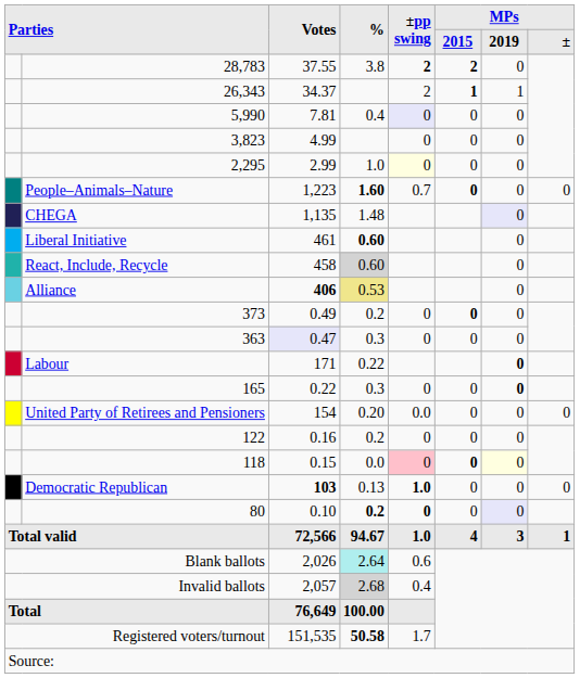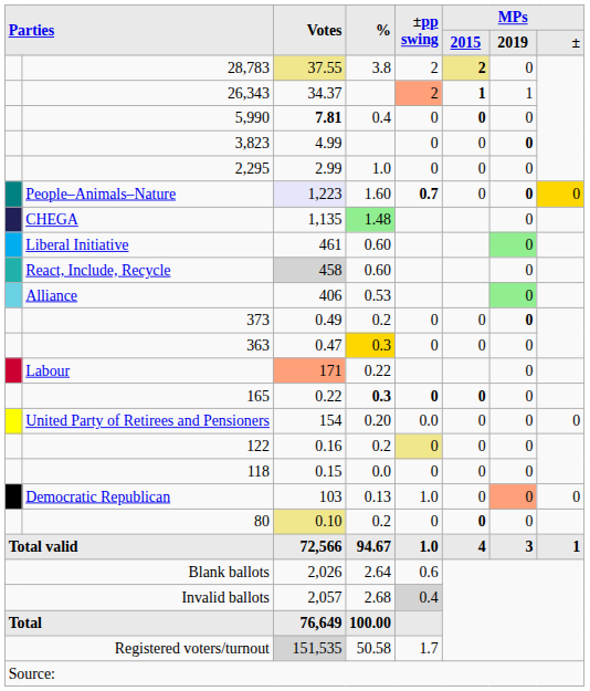 <table class="wikitable" style="text-align:right; font-size:95%;">
 <tr>
 <th rowspan="2" colspan="2" style="background:#e9e9e9; text-align:left;" alignleft><a href='#'>Parties</a></th>
 <th rowspan="2" style="background:#e9e9e9; text-align:right;">Votes</th>
 <th rowspan="2" style="background:#e9e9e9; text-align:right;">%</th>
 <th rowspan="2" style="background:#e9e9e9; text-align:right;">±<a href='#'>pp</a> <a href='#'>swing</a></th>
 <th colspan="3" style="background:#e9e9e9; text-align:center;"><a href='#'>MPs</a></th>
 </tr>
 <tr style="background-color:#E9E9E9">
 <th style="background-color:#E9E9E9;text-align:center;"><a href='#'>2015</a></th>
 <th style="background-color:#E9E9E9;text-align:center;">2019</th>
 <th style="background:#e9e9e9; text-align:right;">±</th>
 </tr>
 <tr>
 <td></td>
 <td>28,783</td>
-<td>37.55</td>
+<td style="background: khaki;">37.55</td>
 <td>3.8</td>
-<td><strong>2</strong></td>
-<td><strong>2</strong></td>
+<td>2</td>
+<td style="background: khaki;"><strong>2</strong></td>
 <td>0</td>
 </tr>
 <tr>
 <td></td>
 <td>26,343</td>
 <td>34.37</td>
 <td></td>
-<td>2</td>
+<td style="background: lightsalmon;">2</td>
 <td><strong>1</strong></td>
 <td>1</td>
 </tr>
 <tr>
 <td></td>
 <td>5,990</td>
-<td>7.81</td>
+<td><strong>7.81</strong></td>
 <td>0.4</td>
-<td style="background: lavender;">0</td>
 <td>0</td>
+<td><strong>0</strong></td>
 <td>0</td>
 </tr>
 <tr>
 <td></td>
 <td>3,823</td>
 <td>4.99</td>
 <td></td>
 <td>0</td>
 <td>0</td>
-<td>0</td>
+<td><strong>0</strong></td>
 </tr>
 <tr>
 <td></td>
 <td>2,295</td>
 <td>2.99</td>
 <td>1.0</td>
-<td style="background: lightyellow;">0</td>
+<td>0</td>
 <td>0</td>
 <td>0</td>
 </tr>
 <tr>
 <td style="width: 10px" bgcolor="teal" align="center"></td>
 <td align="left"><a href='#'>People–Animals–Nature</a></td>
-<td>1,223</td>
-<td><strong>1.60</strong></td>
-<td>0.7</td>
+<td style="background: lavender;">1,223</td>
+<td>1.60</td>
+<td><strong>0.7</strong></td>
+<td>0</td>
 <td><strong>0</strong></td>
-<td>0</td>
-<td>0</td>
+<td style="background: gold;">0</td>
 </tr>
 <tr>
 <td style="width: 10px" bgcolor="#202056" align="center"></td>
 <td align="left"><a href='#'>CHEGA</a></td>
 <td>1,135</td>
-<td>1.48</td>
+<td style="background: lightgreen;">1.48</td>
 <td></td>
 <td></td>
-<td style="background: lavender;">0</td>
+<td>0</td>
 <td></td>
 </tr>
 <tr>
 <td style="width: 10px" bgcolor="#00ADEF" align="center"></td>
 <td align="left"><a href='#'>Liberal Initiative</a></td>
 <td>461</td>
-<td><strong>0.60</strong></td>
+<td>0.60</td>
 <td></td>
 <td></td>
-<td>0</td>
+<td style="background: lightgreen;">0</td>
 <td></td>
 </tr>
 <tr>
 <td style="width: 10px" bgcolor=LightSeaGreen align="center"></td>
 <td align=left><a href='#'>React, Include, Recycle</a></td>
-<td>458</td>
-<td style="background: lightgrey;">0.60</td>
+<td style="background: lightgrey;">458</td>
+<td>0.60</td>
 <td></td>
 <td></td>
 <td>0</td>
 <td></td>
 </tr>
 <tr>
 <td style="width: 10px" bgcolor="#6AD1E3" align="center"></td>
 <td align="left"><a href='#'>Alliance</a></td>
-<td><strong>406</strong></td>
-<td style="background: khaki;">0.53</td>
+<td>406</td>
+<td>0.53</td>
 <td></td>
 <td></td>
-<td>0</td>
+<td style="background: lightgreen;">0</td>
 <td></td>
 </tr>
 <tr>
 <td></td>
 <td>373</td>
 <td>0.49</td>
 <td>0.2</td>
 <td>0</td>
+<td>0</td>
 <td><strong>0</strong></td>
-<td>0</td>
 </tr>
 <tr>
 <td></td>
 <td>363</td>
-<td style="background: lavender;">0.47</td>
-<td>0.3</td>
+<td>0.47</td>
+<td style="background: gold;">0.3</td>
 <td>0</td>
 <td>0</td>
 <td>0</td>
 </tr>
 <tr>
 <td style="width: 10px" bgcolor=#CC0033 align="center"></td>
 <td align=left><a href='#'>Labour</a></td>
-<td>171</td>
+<td style="background: lightsalmon;">171</td>
 <td>0.22</td>
 <td></td>
 <td></td>
-<td><strong>0</strong></td>
+<td>0</td>
 <td></td>
 </tr>
 <tr>
 <td></td>
 <td>165</td>
 <td>0.22</td>
-<td>0.3</td>
+<td><strong>0.3</strong></td>
+<td><strong>0</strong></td>
+<td><strong>0</strong></td>
 <td>0</td>
-<td>0</td>
-<td><strong>0</strong></td>
 </tr>
 <tr>
 <td style="width: 10px" bgcolor=yellow align="center"></td>
 <td align=left><a href='#'>United Party of Retirees and Pensioners</a></td>
 <td>154</td>
 <td>0.20</td>
 <td>0.0</td>
 <td>0</td>
 <td>0</td>
 <td>0</td>
 </tr>
 <tr>
 <td></td>
 <td>122</td>
 <td>0.16</td>
 <td>0.2</td>
-<td>0</td>
+<td style="background: khaki;">0</td>
 <td>0</td>
 <td>0</td>
 </tr>
 <tr>
 <td></td>
 <td>118</td>
 <td>0.15</td>
 <td>0.0</td>
-<td style="background: pink;">0</td>
-<td><strong>0</strong></td>
-<td style="background: lightyellow;">0</td>
-</tr>
-<tr>
-<td style="width: 10px" bgcolor=black align="center"></td>
-<td align=left><a href='#'>Democratic Republican</a></td>
-<td><strong>103</strong></td>
-<td>0.13</td>
-<td><strong>1.0</strong></td>
 <td>0</td>
 <td>0</td>
 <td>0</td>
 </tr>
 <tr>
+<td style="width: 10px" bgcolor=black align="center"></td>
+<td align=left><a href='#'>Democratic Republican</a></td>
+<td>103</td>
+<td>0.13</td>
+<td>1.0</td>
+<td>0</td>
+<td style="background: lightsalmon;">0</td>
+<td>0</td>
+</tr>
+<tr>
 <td></td>
 <td>80</td>
-<td>0.10</td>
-<td><strong>0.2</strong></td>
+<td style="background: khaki;">0.10</td>
+<td>0.2</td>
+<td>0</td>
 <td><strong>0</strong></td>
 <td>0</td>
-<td style="background: lavender;">0</td>
 </tr>
 <tr>
 <td colspan=2 align=left style="background-color:#E9E9E9"><strong>Total valid</strong></td>
 <td width="65" align="right" style="background-color:#E9E9E9"><strong>72,566</strong></td>
 <td width="40" align="right" style="background-color:#E9E9E9"><strong>94.67</strong></td>
 <td width="40" align="right" style="background-color:#E9E9E9"><strong>1.0</strong></td>
 <td width="40" align="right" style="background-color:#E9E9E9"><strong>4</strong></td>
 <td width="40" align="right" style="background-color:#E9E9E9"><strong>3</strong></td>
 <td width="40" align="right" style="background-color:#E9E9E9"><strong>1</strong></td>
 </tr>
 <tr>
 <td colspan=2>Blank ballots</td>
 <td>2,026</td>
-<td style="background: paleturquoise;">2.64</td>
+<td>2.64</td>
 <td>0.6</td>
 <td colspan=4 rowspan=4></td>
 </tr>
 <tr>
 <td colspan=2>Invalid ballots</td>
 <td>2,057</td>
-<td style="background: lightgrey;">2.68</td>
-<td>0.4</td>
+<td>2.68</td>
+<td style="background: lightgrey;">0.4</td>
 </tr>
 <tr>
 <td colspan=2 width="259" align=left style="background-color:#E9E9E9"><strong>Total</strong></td>
 <td width="50" align="right" style="background-color:#E9E9E9"><strong>76,649</strong></td>
 <td width="40" align="right" style="background-color:#E9E9E9"><strong>100.00</strong></td>
 <td width="40" align="right" style="background-color:#E9E9E9"></td>
 </tr>
 <tr>
 <td colspan=2>Registered voters/turnout</td>
-<td>151,535</td>
-<td><strong>50.58</strong></td>
+<td style="background: lightgrey;">151,535</td>
+<td>50.58</td>
 <td>1.7</td>
 </tr>
 <tr>
 <td colspan=11 align=left>Source: </td>
 </tr>
 </table>
